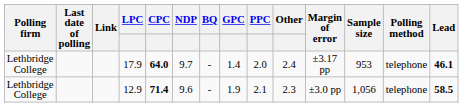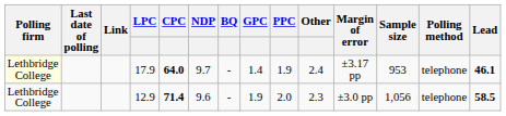 <table class="wikitable sortable mw-datatable" style="text-align:center;font-size:90%;line-height:14px;">
 <tr style="height:40px;">
 <th style="width:105px;" rowspan="2">Polling firm</th>
 <th style="width:105px;" rowspan="2">Last date<br>of polling</th>
 <th rowspan="2">Link</th>
 <th class="unsortable" style="width:40px;"><a href='#'>LPC</a></th>
 <th class="unsortable" style="width:40px;"><a href='#'>CPC</a></th>
 <th class="unsortable" style="width:40px;"><a href='#'>NDP</a></th>
 <th class="unsortable" style="width:40px;"><a href='#'>BQ</a></th>
 <th class="unsortable" style="width:40px;"><a href='#'>GPC</a></th>
 <th class="unsortable" style="width:40px;"><a href='#'>PPC</a></th>
 <th class="unsortable" style="width:40px;">Other</th>
 <th rowspan="2">Margin<br>of error</th>
 <th rowspan="2">Sample<br>size</th>
 <th rowspan="2">Polling method</th>
 <th rowspan="2">Lead</th>
 </tr>
 <tr>
 <th style="background:"></th>
 <th style="background:"></th>
 <th style="background:"></th>
 <th style="background:"></th>
 <th style="background:"></th>
 <th style="background:"></th>
 <th style="background:"></th>
 </tr>
 <tr>
-<td>Lethbridge College</td>
+<td style="background: lightyellow;">Lethbridge College</td>
 <td></td>
 <td></td>
 <td>17.9</td>
 <td><strong>64.0</strong></td>
 <td>9.7</td>
 <td>-</td>
 <td>1.4</td>
-<td>2.0</td>
+<td>1.9</td>
 <td>2.4</td>
 <td>±3.17 pp</td>
 <td>953</td>
 <td>telephone</td>
 <td><strong>46.1</strong></td>
 </tr>
 <tr>
 <td>Lethbridge College</td>
 <td></td>
 <td></td>
 <td>12.9</td>
 <td><strong>71.4</strong></td>
 <td>9.6</td>
 <td>-</td>
 <td>1.9</td>
-<td>2.1</td>
+<td>2.0</td>
 <td>2.3</td>
 <td>±3.0 pp</td>
 <td>1,056</td>
 <td>telephone</td>
 <td><strong>58.5</strong></td>
 </tr>
 </table>
